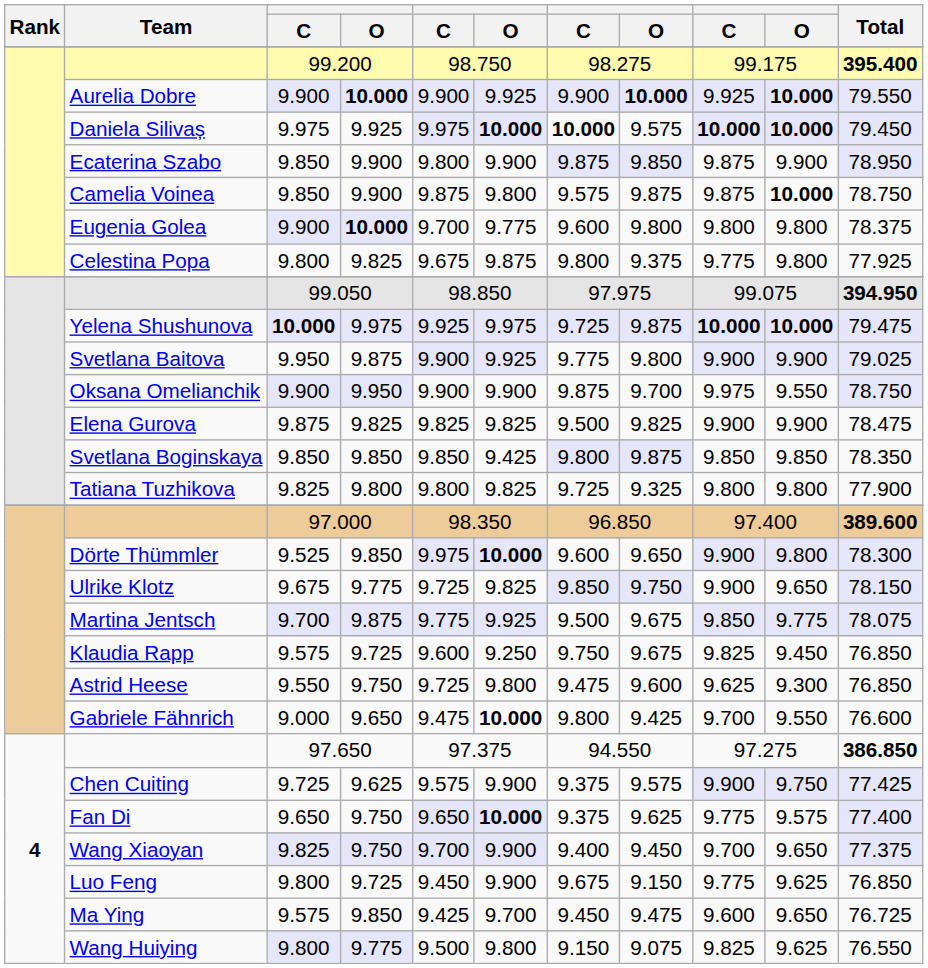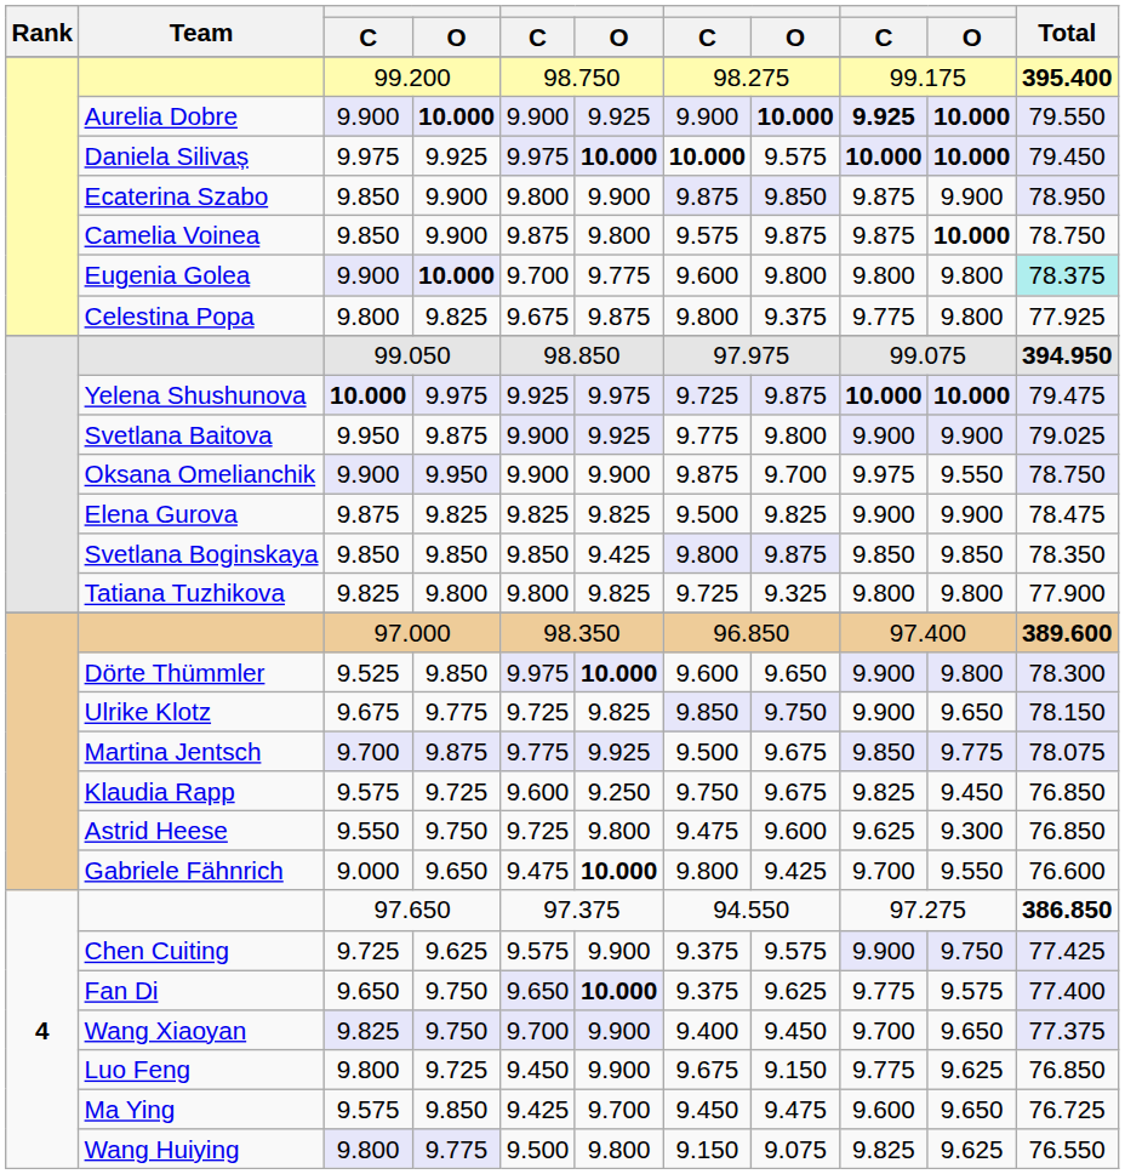 <table class="wikitable" style="text-align:center; font-size:95%">
 <tr>
 <th rowspan=2>Rank</th>
 <th rowspan=2>Team</th>
 <th colspan=2></th>
 <th colspan=2></th>
 <th colspan=2></th>
 <th colspan=2></th>
 <th rowspan=2>Total</th>
 </tr>
 <tr>
 <th>C</th>
 <th>O</th>
 <th>C</th>
 <th>O</th>
 <th>C</th>
 <th>O</th>
 <th>C</th>
 <th>O</th>
 </tr>
 <tr>
 </tr>
 <tr style="background:#fffcaf;">
 <td rowspan=7></td>
 <td style="text-align:left;"><strong></strong></td>
 <td colspan=2>99.200</td>
 <td colspan=2>98.750</td>
 <td colspan=2>98.275</td>
 <td colspan=2>99.175</td>
 <td colspan=1><strong>395.400</strong></td>
 </tr>
 <tr>
 <td align=left><a href='#'>Aurelia Dobre</a></td>
 <td bgcolor="lavender">9.900</td>
 <td bgcolor="lavender"><strong>10.000</strong></td>
 <td bgcolor="lavender">9.900</td>
 <td bgcolor="lavender">9.925</td>
 <td bgcolor="lavender">9.900</td>
 <td bgcolor="lavender"><strong>10.000</strong></td>
-<td bgcolor="lavender">9.925</td>
+<td bgcolor="lavender"><strong>9.925</strong></td>
 <td bgcolor="lavender"><strong>10.000</strong></td>
 <td bgcolor="lavender">79.550</td>
 </tr>
 <tr>
 <td align=left><a href='#'>Daniela Silivaș</a></td>
 <td>9.975</td>
 <td>9.925</td>
 <td bgcolor="lavender">9.975</td>
 <td bgcolor="lavender"><strong>10.000</strong></td>
 <td><strong>10.000</strong></td>
 <td>9.575</td>
 <td bgcolor="lavender"><strong>10.000</strong></td>
 <td bgcolor="lavender"><strong>10.000</strong></td>
 <td bgcolor="lavender">79.450</td>
 </tr>
 <tr>
 <td align=left><a href='#'>Ecaterina Szabo</a></td>
 <td>9.850</td>
 <td>9.900</td>
 <td>9.800</td>
 <td>9.900</td>
 <td bgcolor="lavender">9.875</td>
 <td bgcolor="lavender">9.850</td>
 <td>9.875</td>
 <td>9.900</td>
 <td bgcolor="lavender">78.950</td>
 </tr>
 <tr>
 <td align=left><a href='#'>Camelia Voinea</a></td>
 <td>9.850</td>
 <td>9.900</td>
 <td>9.875</td>
 <td>9.800</td>
 <td>9.575</td>
 <td>9.875</td>
 <td>9.875</td>
 <td><strong>10.000</strong></td>
 <td>78.750</td>
 </tr>
 <tr>
 <td align=left><a href='#'>Eugenia Golea</a></td>
 <td bgcolor="lavender">9.900</td>
 <td bgcolor="lavender"><strong>10.000</strong></td>
 <td>9.700</td>
 <td>9.775</td>
 <td>9.600</td>
 <td>9.800</td>
 <td>9.800</td>
 <td>9.800</td>
-<td>78.375</td>
+<td style="background: paleturquoise;">78.375</td>
 </tr>
 <tr>
 <td align=left><a href='#'>Celestina Popa</a></td>
 <td>9.800</td>
 <td>9.825</td>
 <td>9.675</td>
 <td>9.875</td>
 <td>9.800</td>
 <td>9.375</td>
 <td>9.775</td>
 <td>9.800</td>
 <td>77.925</td>
 </tr>
 <tr>
 </tr>
 <tr style="background:#e5e5e5;">
 <td rowspan=7></td>
 <td style="text-align:left;"><strong></strong></td>
 <td colspan=2>99.050</td>
 <td colspan=2>98.850</td>
 <td colspan=2>97.975</td>
 <td colspan=2>99.075</td>
 <td colspan=1><strong>394.950</strong></td>
 </tr>
 <tr>
 <td align=left><a href='#'>Yelena Shushunova</a></td>
 <td bgcolor="lavender"><strong>10.000</strong></td>
 <td bgcolor="lavender">9.975</td>
 <td bgcolor="lavender">9.925</td>
 <td bgcolor="lavender">9.975</td>
 <td bgcolor="lavender">9.725</td>
 <td bgcolor="lavender">9.875</td>
 <td bgcolor="lavender"><strong>10.000</strong></td>
 <td bgcolor="lavender"><strong>10.000</strong></td>
 <td bgcolor="lavender">79.475</td>
 </tr>
 <tr>
 <td align=left><a href='#'>Svetlana Baitova</a></td>
 <td>9.950</td>
 <td>9.875</td>
 <td bgcolor="lavender">9.900</td>
 <td bgcolor="lavender">9.925</td>
 <td>9.775</td>
 <td>9.800</td>
 <td bgcolor="lavender">9.900</td>
 <td bgcolor="lavender">9.900</td>
 <td bgcolor="lavender">79.025</td>
 </tr>
 <tr>
 <td align=left><a href='#'>Oksana Omelianchik</a></td>
 <td bgcolor="lavender">9.900</td>
 <td bgcolor="lavender">9.950</td>
 <td>9.900</td>
 <td>9.900</td>
 <td>9.875</td>
 <td>9.700</td>
 <td>9.975</td>
 <td>9.550</td>
 <td bgcolor="lavender">78.750</td>
 </tr>
 <tr>
 <td align=left><a href='#'>Elena Gurova</a></td>
 <td>9.875</td>
 <td>9.825</td>
 <td>9.825</td>
 <td>9.825</td>
 <td>9.500</td>
 <td>9.825</td>
 <td>9.900</td>
 <td>9.900</td>
 <td>78.475</td>
 </tr>
 <tr>
 <td align=left><a href='#'>Svetlana Boginskaya</a></td>
 <td>9.850</td>
 <td>9.850</td>
 <td>9.850</td>
 <td>9.425</td>
 <td bgcolor="lavender">9.800</td>
 <td bgcolor="lavender">9.875</td>
 <td>9.850</td>
 <td>9.850</td>
 <td>78.350</td>
 </tr>
 <tr>
 <td align=left><a href='#'>Tatiana Tuzhikova</a></td>
 <td>9.825</td>
 <td>9.800</td>
 <td>9.800</td>
 <td>9.825</td>
 <td>9.725</td>
 <td>9.325</td>
 <td>9.800</td>
 <td>9.800</td>
 <td>77.900</td>
 </tr>
 <tr>
 </tr>
 <tr style="background:#ec9;">
 <td rowspan=7></td>
 <td style="text-align:left;"><strong></strong></td>
 <td colspan=2>97.000</td>
 <td colspan=2>98.350</td>
 <td colspan=2>96.850</td>
 <td colspan=2>97.400</td>
 <td colspan=1><strong>389.600</strong></td>
 </tr>
 <tr>
 <td align=left><a href='#'>Dörte Thümmler</a></td>
 <td>9.525</td>
 <td>9.850</td>
 <td bgcolor="lavender">9.975</td>
 <td bgcolor="lavender"><strong>10.000</strong></td>
 <td>9.600</td>
 <td>9.650</td>
 <td bgcolor="lavender">9.900</td>
 <td bgcolor="lavender">9.800</td>
 <td bgcolor="lavender">78.300</td>
 </tr>
 <tr>
 <td align=left><a href='#'>Ulrike Klotz</a></td>
 <td>9.675</td>
 <td>9.775</td>
 <td>9.725</td>
 <td>9.825</td>
 <td bgcolor="lavender">9.850</td>
 <td bgcolor="lavender">9.750</td>
 <td>9.900</td>
 <td>9.650</td>
 <td bgcolor="lavender">78.150</td>
 </tr>
 <tr>
 <td align=left><a href='#'>Martina Jentsch</a></td>
 <td bgcolor="lavender">9.700</td>
 <td bgcolor="lavender">9.875</td>
 <td bgcolor="lavender">9.775</td>
 <td bgcolor="lavender">9.925</td>
 <td>9.500</td>
 <td>9.675</td>
 <td bgcolor="lavender">9.850</td>
 <td bgcolor="lavender">9.775</td>
 <td bgcolor="lavender">78.075</td>
 </tr>
 <tr>
 <td align=left><a href='#'>Klaudia Rapp</a></td>
 <td>9.575</td>
 <td>9.725</td>
 <td>9.600</td>
 <td>9.250</td>
 <td>9.750</td>
 <td>9.675</td>
 <td>9.825</td>
 <td>9.450</td>
 <td>76.850</td>
 </tr>
 <tr>
 <td align=left><a href='#'>Astrid Heese</a></td>
 <td>9.550</td>
 <td>9.750</td>
 <td>9.725</td>
 <td>9.800</td>
 <td>9.475</td>
 <td>9.600</td>
 <td>9.625</td>
 <td>9.300</td>
 <td>76.850</td>
 </tr>
 <tr>
 <td align=left><a href='#'>Gabriele Fähnrich</a></td>
 <td>9.000</td>
 <td>9.650</td>
 <td>9.475</td>
 <td><strong>10.000</strong></td>
 <td>9.800</td>
 <td>9.425</td>
 <td>9.700</td>
 <td>9.550</td>
 <td>76.600</td>
 </tr>
 <tr>
 <td rowspan=7><strong>4</strong></td>
 <td style="text-align:left;"><strong></strong></td>
 <td colspan=2>97.650</td>
 <td colspan=2>97.375</td>
 <td colspan=2>94.550</td>
 <td colspan=2>97.275</td>
 <td colspan=1><strong>386.850</strong></td>
 </tr>
 <tr>
 <td align=left><a href='#'>Chen Cuiting</a></td>
 <td>9.725</td>
 <td>9.625</td>
 <td>9.575</td>
 <td>9.900</td>
 <td>9.375</td>
 <td>9.575</td>
 <td bgcolor="lavender">9.900</td>
 <td bgcolor="lavender">9.750</td>
 <td bgcolor="lavender">77.425</td>
 </tr>
 <tr>
 <td align=left><a href='#'>Fan Di</a></td>
 <td>9.650</td>
 <td>9.750</td>
 <td bgcolor="lavender">9.650</td>
 <td bgcolor="lavender"><strong>10.000</strong></td>
 <td>9.375</td>
 <td>9.625</td>
 <td>9.775</td>
 <td>9.575</td>
 <td bgcolor="lavender">77.400</td>
 </tr>
 <tr>
 <td align=left><a href='#'>Wang Xiaoyan</a></td>
 <td bgcolor="lavender">9.825</td>
 <td bgcolor="lavender">9.750</td>
 <td bgcolor="lavender">9.700</td>
 <td bgcolor="lavender">9.900</td>
 <td>9.400</td>
 <td>9.450</td>
 <td>9.700</td>
 <td>9.650</td>
 <td bgcolor="lavender">77.375</td>
 </tr>
 <tr>
 <td align=left><a href='#'>Luo Feng</a></td>
 <td>9.800</td>
 <td>9.725</td>
 <td>9.450</td>
 <td>9.900</td>
 <td>9.675</td>
 <td>9.150</td>
 <td>9.775</td>
 <td>9.625</td>
 <td>76.850</td>
 </tr>
 <tr>
 <td align=left><a href='#'>Ma Ying</a></td>
 <td>9.575</td>
 <td>9.850</td>
 <td>9.425</td>
 <td>9.700</td>
 <td>9.450</td>
 <td>9.475</td>
 <td>9.600</td>
 <td>9.650</td>
 <td>76.725</td>
 </tr>
 <tr>
 <td align=left><a href='#'>Wang Huiying</a></td>
 <td bgcolor="lavender">9.800</td>
 <td bgcolor="lavender">9.775</td>
 <td>9.500</td>
 <td>9.800</td>
 <td>9.150</td>
 <td>9.075</td>
 <td>9.825</td>
 <td>9.625</td>
 <td>76.550</td>
 </tr>
 </table>
